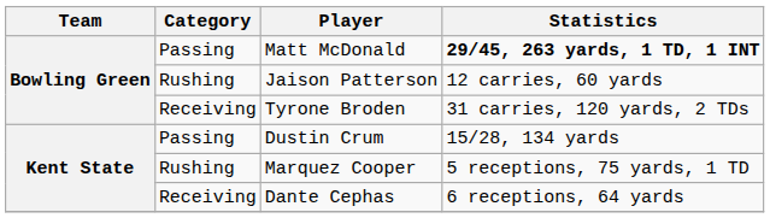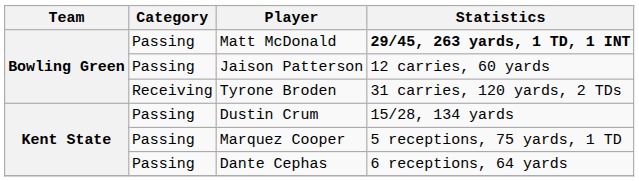 <table class="wikitable" style="float: left;">
 <tr>
 <th>Team</th>
 <th>Category</th>
 <th>Player</th>
 <th>Statistics</th>
 </tr>
 <tr>
 <th rowspan=3>Bowling Green</th>
 <td>Passing</td>
 <td>Matt McDonald</td>
 <td><strong>29/45, 263 yards, 1 TD, 1 INT</strong></td>
 </tr>
 <tr>
-<td>Rushing</td>
+<td>Passing</td>
 <td>Jaison Patterson</td>
 <td>12 carries, 60 yards</td>
 </tr>
 <tr>
 <td>Receiving</td>
 <td>Tyrone Broden</td>
 <td>31 carries, 120 yards, 2 TDs</td>
 </tr>
 <tr>
 <th rowspan=3 style=>Kent State</th>
 <td>Passing</td>
 <td>Dustin Crum</td>
 <td>15/28, 134 yards</td>
 </tr>
 <tr>
-<td>Rushing</td>
+<td>Passing</td>
 <td>Marquez Cooper</td>
 <td>5 receptions, 75 yards, 1 TD</td>
 </tr>
 <tr>
-<td>Receiving</td>
+<td>Passing</td>
 <td>Dante Cephas</td>
 <td>6 receptions, 64 yards</td>
 </tr>
 <tr>
 </tr>
 </table>
